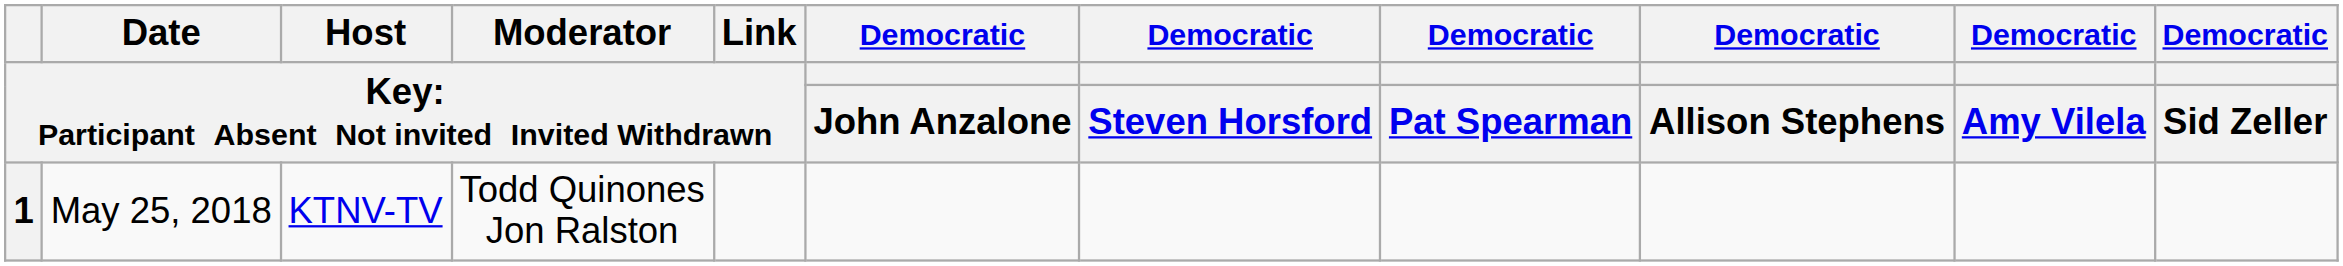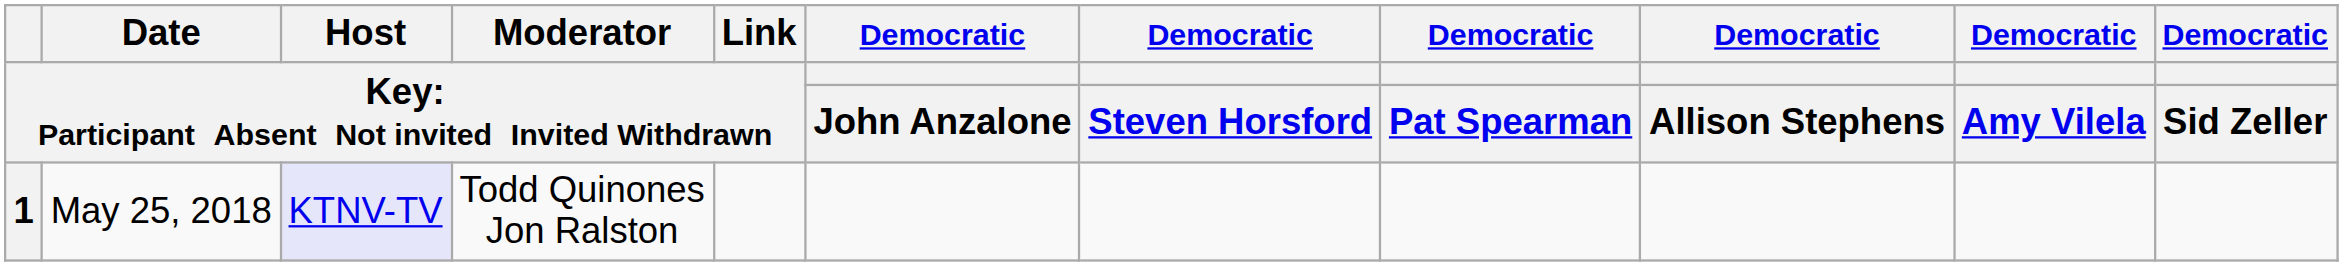 <table class="wikitable" style="text-align:center;">
 <tr>
 <th scope="col"></th>
 <th scope="col">Date</th>
 <th scope="col">Host</th>
 <th scope="col">Moderator</th>
 <th scope="col">Link</th>
 <th scope="col"><small><a href='#'>Democratic</a></small></th>
 <th scope="col"><small><a href='#'>Democratic</a></small></th>
 <th scope="col"><small><a href='#'>Democratic</a></small></th>
 <th scope="col"><small><a href='#'>Democratic</a></small></th>
 <th scope="col"><small><a href='#'>Democratic</a></small></th>
 <th scope="col"><small><a href='#'>Democratic</a></small></th>
 </tr>
 <tr>
 <th colspan="5" rowspan="2">Key:<br> <small>Participant </small>  <small>Absent </small>  <small>Not invited </small>  <small>Invited  Withdrawn</small></th>
 <th scope="col" style="background:"></th>
 <th scope="col" style="background:"></th>
 <th scope="col" style="background:"></th>
 <th scope="col" style="background:"></th>
 <th scope="col" style="background:"></th>
 <th scope="col" style="background:"></th>
 </tr>
 <tr>
 <th scope="col">John Anzalone</th>
 <th scope="col"><a href='#'>Steven Horsford</a></th>
 <th scope="col"><a href='#'>Pat Spearman</a></th>
 <th scope="col">Allison Stephens</th>
 <th scope="col"><a href='#'>Amy Vilela</a></th>
 <th scope="col">Sid Zeller</th>
 </tr>
 <tr>
 <th>1</th>
 <td style="white-space:nowrap;">May 25, 2018</td>
-<td style="white-space:nowrap;"><a href='#'>KTNV-TV</a></td>
+<td style="background: lavender; white-space:nowrap;"><a href='#'>KTNV-TV</a></td>
 <td style="white-space:nowrap;">Todd Quinones<br>Jon Ralston</td>
 <td style="white-space:nowrap;"></td>
 <td></td>
 <td></td>
 <td></td>
 <td></td>
 <td></td>
 <td></td>
 </tr>
 </table>
